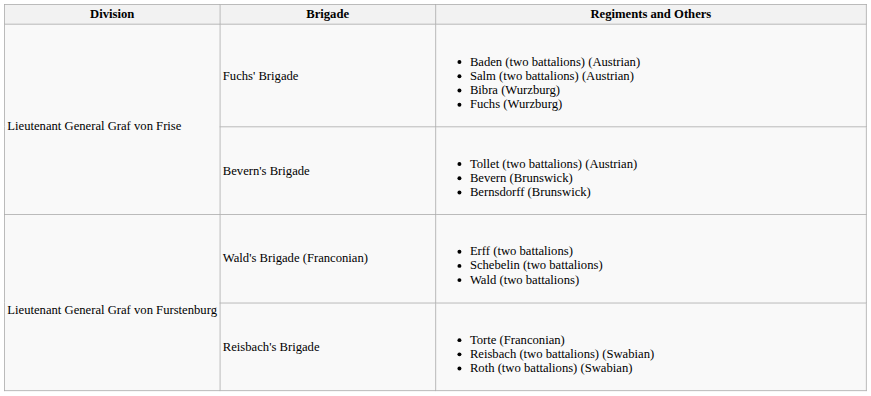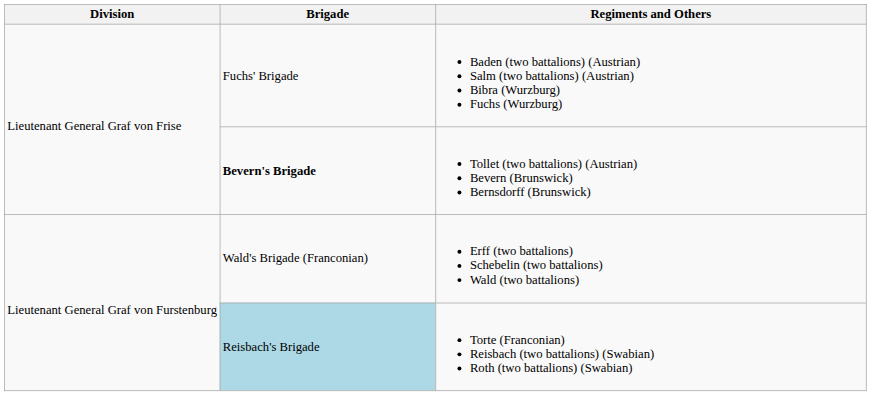 <table class="wikitable">
 <tr>
 <th width=25%>Division</th>
 <th width=25%>Brigade</th>
 <th>Regiments and Others</th>
 </tr>
 <tr>
 <td rowspan=2><br>Lieutenant General Graf von Frise</td>
 <td>Fuchs' Brigade</td>
 <td><br><ul><li>Baden (two battalions) (Austrian)</li><li>Salm (two battalions) (Austrian)</li><li>Bibra (Wurzburg)</li><li>Fuchs (Wurzburg)</li></ul></td>
 </tr>
 <tr>
-<td>Bevern's Brigade</td>
+<td><strong>Bevern's Brigade</strong></td>
 <td><br><ul><li>Tollet (two battalions) (Austrian)</li><li>Bevern (Brunswick)</li><li>Bernsdorff (Brunswick)</li></ul></td>
 </tr>
 <tr>
 <td rowspan=2><br>Lieutenant General Graf von Furstenburg</td>
 <td>Wald's Brigade (Franconian)</td>
 <td><br><ul><li>Erff (two battalions)</li><li>Schebelin (two battalions)</li><li>Wald (two battalions)</li></ul></td>
 </tr>
 <tr>
-<td>Reisbach's Brigade</td>
+<td style="background: lightblue;">Reisbach's Brigade</td>
 <td><br><ul><li>Torte (Franconian)</li><li>Reisbach (two battalions) (Swabian)</li><li>Roth (two battalions) (Swabian)</li></ul></td>
 </tr>
 </table>
